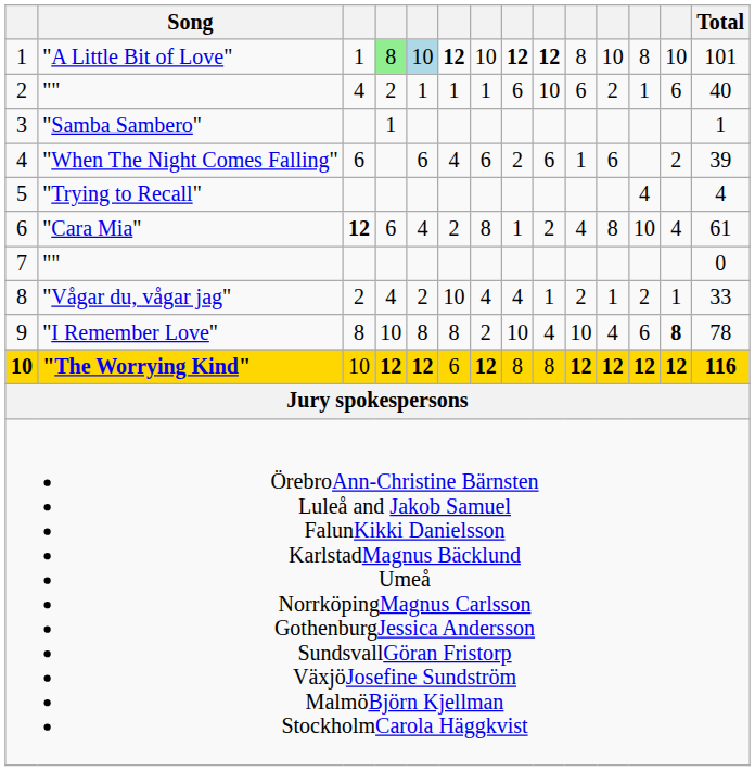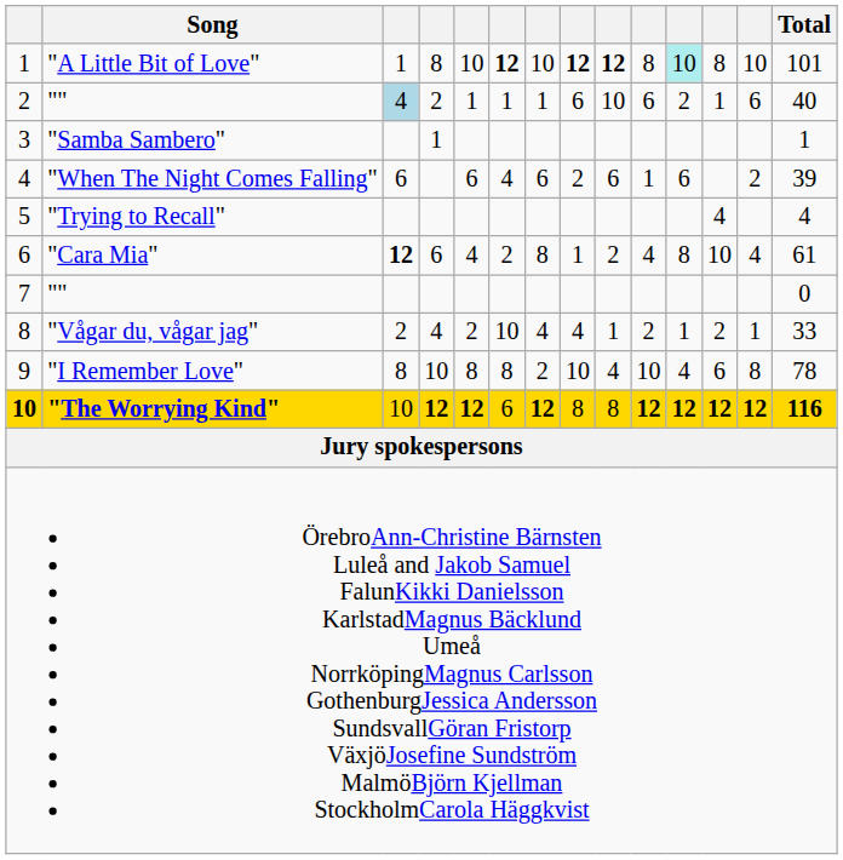 <table class="wikitable" style="margin: 1em auto 1em auto; text-align:center;">
 <tr>
 <th></th>
 <th>Song</th>
 <th></th>
 <th></th>
 <th></th>
 <th></th>
 <th></th>
 <th></th>
 <th></th>
 <th></th>
 <th></th>
 <th></th>
 <th></th>
 <th>Total</th>
 </tr>
 <tr>
 <td>1</td>
 <td align="left">"<a href='#'>A Little Bit of Love</a>"</td>
 <td>1</td>
-<td style="background: lightgreen;">8</td>
-<td style="background: lightblue;">10</td>
+<td>8</td>
+<td>10</td>
 <td><strong>12</strong></td>
 <td>10</td>
 <td><strong>12</strong></td>
 <td><strong>12</strong></td>
 <td>8</td>
-<td>10</td>
+<td style="background: paleturquoise;">10</td>
 <td>8</td>
 <td>10</td>
 <td>101</td>
 </tr>
 <tr>
 <td>2</td>
 <td align="left">""</td>
-<td>4</td>
+<td style="background: lightblue;">4</td>
 <td>2</td>
 <td>1</td>
 <td>1</td>
 <td>1</td>
 <td>6</td>
 <td>10</td>
 <td>6</td>
 <td>2</td>
 <td>1</td>
 <td>6</td>
 <td>40</td>
 </tr>
 <tr>
 <td>3</td>
 <td align="left">"<a href='#'>Samba Sambero</a>"</td>
 <td></td>
 <td>1</td>
 <td></td>
 <td></td>
 <td></td>
 <td></td>
 <td></td>
 <td></td>
 <td></td>
 <td></td>
 <td></td>
 <td>1</td>
 </tr>
 <tr>
 <td>4</td>
 <td align="left">"<a href='#'>When The Night Comes Falling</a>"</td>
 <td>6</td>
 <td></td>
 <td>6</td>
 <td>4</td>
 <td>6</td>
 <td>2</td>
 <td>6</td>
 <td>1</td>
 <td>6</td>
 <td></td>
 <td>2</td>
 <td>39</td>
 </tr>
 <tr>
 <td>5</td>
 <td align="left">"<a href='#'>Trying to Recall</a>"</td>
 <td></td>
 <td></td>
 <td></td>
 <td></td>
 <td></td>
 <td></td>
 <td></td>
 <td></td>
 <td></td>
 <td>4</td>
 <td></td>
 <td>4</td>
 </tr>
 <tr>
 <td>6</td>
 <td align="left">"<a href='#'><span>Cara Mia</span></a>"</td>
 <td><strong>12</strong></td>
 <td>6</td>
 <td>4</td>
 <td>2</td>
 <td>8</td>
 <td>1</td>
 <td>2</td>
 <td>4</td>
 <td>8</td>
 <td>10</td>
 <td>4</td>
 <td>61</td>
 </tr>
 <tr>
 <td>7</td>
 <td align="left">""</td>
 <td></td>
 <td></td>
 <td></td>
 <td></td>
 <td></td>
 <td></td>
 <td></td>
 <td></td>
 <td></td>
 <td></td>
 <td></td>
 <td>0</td>
 </tr>
 <tr>
 <td>8</td>
 <td align="left">"<a href='#'>Vågar du, vågar jag</a>"</td>
 <td>2</td>
 <td>4</td>
 <td>2</td>
 <td>10</td>
 <td>4</td>
 <td>4</td>
 <td>1</td>
 <td>2</td>
 <td>1</td>
 <td>2</td>
 <td>1</td>
 <td>33</td>
 </tr>
 <tr>
 <td>9</td>
 <td align="left">"<a href='#'>I Remember Love</a>"</td>
 <td>8</td>
 <td>10</td>
 <td>8</td>
 <td>8</td>
 <td>2</td>
 <td>10</td>
 <td>4</td>
 <td>10</td>
 <td>4</td>
 <td>6</td>
-<td><strong>8</strong></td>
+<td>8</td>
 <td>78</td>
 </tr>
 <tr style="background:gold">
 <td><strong>10</strong></td>
 <td align="left"><strong>"<a href='#'>The Worrying Kind</a>"</strong></td>
 <td>10</td>
 <td><strong>12</strong></td>
 <td><strong>12</strong></td>
 <td>6</td>
 <td><strong>12</strong></td>
 <td>8</td>
 <td>8</td>
 <td><strong>12</strong></td>
 <td><strong>12</strong></td>
 <td><strong>12</strong></td>
 <td><strong>12</strong></td>
 <td><strong>116</strong></td>
 </tr>
 <tr class="sortbottom">
 <th colspan="14">Jury spokespersons</th>
 </tr>
 <tr class="sortbottom">
 <td colspan="14"><br><ul><li>Örebro<a href='#'>Ann-Christine Bärnsten</a></li><li>Luleå and <a href='#'>Jakob Samuel</a></li><li>Falun<a href='#'>Kikki Danielsson</a></li><li>Karlstad<a href='#'>Magnus Bäcklund</a></li><li>Umeå</li><li>Norrköping<a href='#'>Magnus Carlsson</a></li><li>Gothenburg<a href='#'>Jessica Andersson</a></li><li>Sundsvall<a href='#'>Göran Fristorp</a></li><li>Växjö<a href='#'>Josefine Sundström</a></li><li>Malmö<a href='#'>Björn Kjellman</a></li><li>Stockholm<a href='#'>Carola Häggkvist</a></li></ul></td>
 </tr>
 </table>
